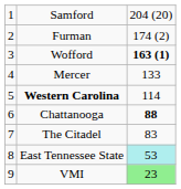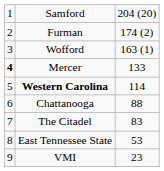 <table class="wikitable" style="display: inline-table;">
 <tr align="center">
 <td>1</td>
 <td>Samford</td>
 <td>204 (20)</td>
 </tr>
 <tr align="center">
 <td>2</td>
 <td>Furman</td>
 <td>174 (2)</td>
 </tr>
 <tr align="center">
 <td>3</td>
 <td>Wofford</td>
-<td><strong>163 (1)</strong></td>
+<td>163 (1)</td>
 </tr>
 <tr align="center">
-<td>4</td>
+<td><strong>4</strong></td>
 <td>Mercer</td>
 <td>133</td>
 </tr>
 <tr align="center">
 <td>5</td>
 <td><strong>Western Carolina</strong></td>
 <td>114</td>
 </tr>
 <tr align="center">
 <td>6</td>
 <td>Chattanooga</td>
-<td><strong>88</strong></td>
+<td>88</td>
 </tr>
 <tr align="center">
 <td>7</td>
 <td>The Citadel</td>
 <td>83</td>
 </tr>
 <tr align="center">
 <td>8</td>
 <td>East Tennessee State</td>
-<td style="background: paleturquoise;">53</td>
+<td>53</td>
 </tr>
 <tr align="center">
 <td>9</td>
 <td>VMI</td>
-<td style="background: lightgreen;">23</td>
+<td>23</td>
 </tr>
 </table>
